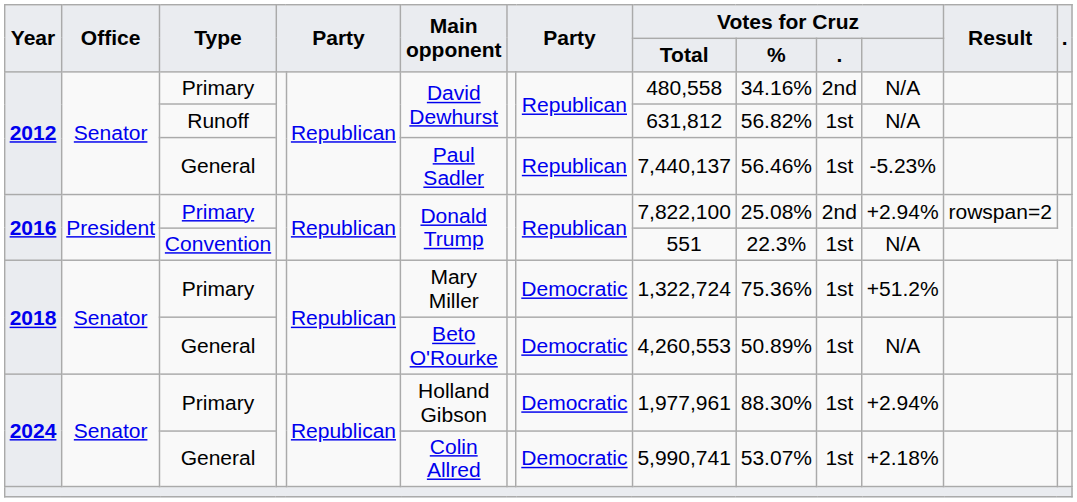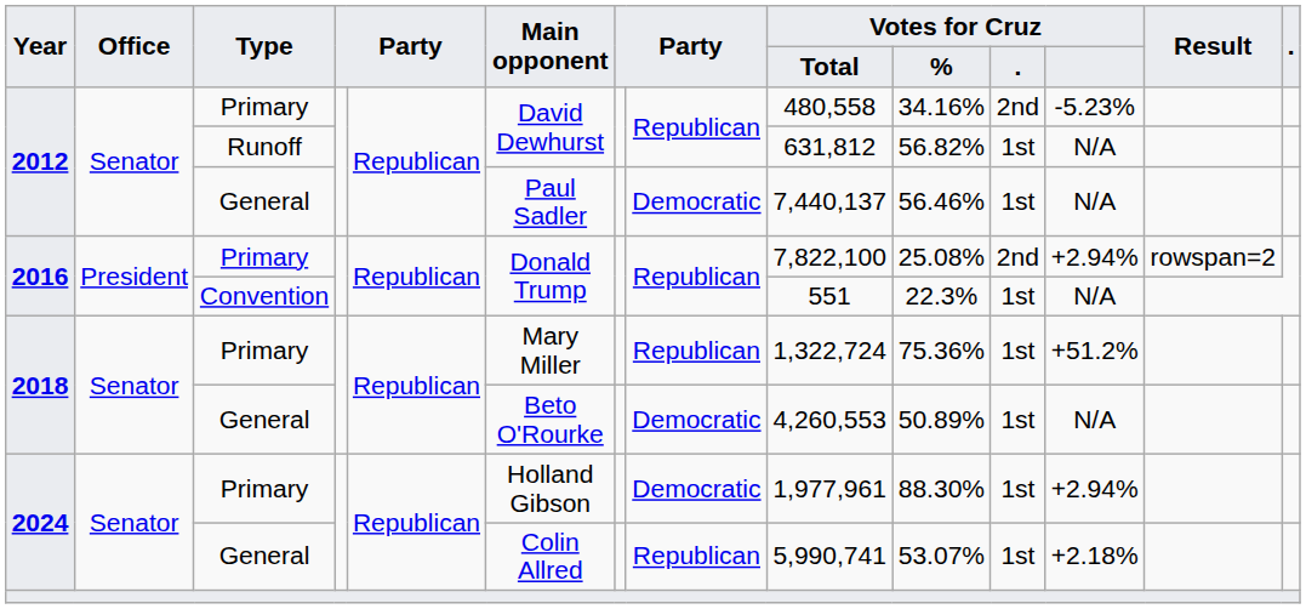 <table class="wikitable" style="font-size:90%; text-align:center;">
 <tr>
 <th style="background-color:#EAECF0;" rowspan=2>Year</th>
 <th style="background-color:#EAECF0;" rowspan=2>Office</th>
 <th style="background-color:#EAECF0;" rowspan=2>Type</th>
 <th style="background-color:#EAECF0;" colspan=2 rowspan=2>Party</th>
 <th style="background-color:#EAECF0;" rowspan=2>Main opponent</th>
 <th style="background-color:#EAECF0;" colspan=2 rowspan=2>Party</th>
 <th style="background-color:#EAECF0;" colspan=4>Votes for Cruz</th>
 <th style="background-color:#EAECF0;" rowspan=2>Result</th>
 <th style="background-color:#EAECF0;" rowspan=2>.</th>
 </tr>
 <tr>
 <th style="background-color:#EAECF0;">Total</th>
 <th style="background-color:#EAECF0;">%</th>
 <th style="background-color:#EAECF0;">.</th>
 <th style="background-color:#EAECF0;"></th>
 </tr>
 <tr>
 <th style="background-color:#EAECF0;" rowspan=3><a href='#'>2012</a></th>
 <td rowspan=3><a href='#'>Senator</a></td>
 <td>Primary</td>
 <td rowspan=3 style="background-color:"></td>
 <td rowspan=3><a href='#'>Republican</a></td>
 <td rowspan=2><a href='#'>David Dewhurst</a></td>
 <td rowspan=2 style="background-color:"></td>
 <td rowspan=2><a href='#'>Republican</a></td>
 <td>480,558</td>
 <td>34.16%</td>
 <td>2nd</td>
-<td>N/A</td>
+<td>-5.23%</td>
 <td></td>
 <td></td>
 </tr>
 <tr>
 <td>Runoff</td>
 <td>631,812</td>
 <td>56.82%</td>
 <td>1st</td>
 <td>N/A</td>
 <td></td>
 <td></td>
 </tr>
 <tr>
 <td>General</td>
 <td><a href='#'>Paul Sadler</a></td>
 <td style="background-color:"></td>
-<td><a href='#'>Republican</a></td>
+<td><a href='#'>Democratic</a></td>
 <td>7,440,137</td>
 <td>56.46%</td>
 <td>1st</td>
-<td>-5.23%</td>
+<td>N/A</td>
 <td></td>
 <td></td>
 </tr>
 <tr>
 <th style="background-color:#EAECF0;" rowspan=2><a href='#'>2016</a></th>
 <td rowspan=2><a href='#'>President</a></td>
 <td><a href='#'>Primary</a></td>
 <td rowspan=2 style="background-color:"></td>
 <td rowspan=2><a href='#'>Republican</a></td>
 <td rowspan=2><a href='#'>Donald Trump</a></td>
 <td rowspan=2 style="background-color:"></td>
 <td rowspan=2><a href='#'>Republican</a></td>
 <td>7,822,100</td>
 <td>25.08%</td>
 <td>2nd</td>
 <td>+2.94%</td>
 <td>rowspan=2 </td>
 </tr>
 <tr>
 <td><a href='#'>Convention</a></td>
 <td>551</td>
 <td>22.3%</td>
 <td>1st</td>
 <td>N/A</td>
 </tr>
 <tr>
 <th style="background-color:#EAECF0;" rowspan=2><a href='#'>2018</a></th>
 <td rowspan=2><a href='#'>Senator</a></td>
 <td>Primary</td>
 <td rowspan=2 style="background-color:"></td>
 <td rowspan=2><a href='#'>Republican</a></td>
 <td>Mary Miller</td>
 <td style="background-color:"></td>
-<td><a href='#'>Democratic</a></td>
+<td><a href='#'>Republican</a></td>
 <td>1,322,724</td>
 <td>75.36%</td>
 <td>1st</td>
 <td>+51.2%</td>
 <td></td>
 <td></td>
 </tr>
 <tr>
 <td>General</td>
 <td><a href='#'>Beto O'Rourke</a></td>
 <td style="background-color:"></td>
 <td><a href='#'>Democratic</a></td>
 <td>4,260,553</td>
 <td>50.89%</td>
 <td>1st</td>
 <td>N/A</td>
 <td></td>
 <td></td>
 </tr>
 <tr>
 <th style="background-color:#EAECF0;" rowspan=2><a href='#'>2024</a></th>
 <td rowspan=2><a href='#'>Senator</a></td>
 <td>Primary</td>
 <td rowspan=2 style="background-color:"></td>
 <td rowspan=2><a href='#'>Republican</a></td>
 <td>Holland Gibson</td>
 <td style="background-color:"></td>
 <td><a href='#'>Democratic</a></td>
 <td>1,977,961</td>
 <td>88.30%</td>
 <td>1st</td>
 <td>+2.94%</td>
 <td></td>
 <td></td>
 </tr>
 <tr>
 <td>General</td>
 <td><a href='#'>Colin Allred</a></td>
 <td style="background-color:"></td>
-<td><a href='#'>Democratic</a></td>
+<td><a href='#'>Republican</a></td>
 <td>5,990,741</td>
 <td>53.07%</td>
 <td>1st</td>
 <td>+2.18%</td>
 <td></td>
 <td></td>
 </tr>
 <tr>
 <td style="background-color:#EAECF0;" colspan=14></td>
 </tr>
 </table>
